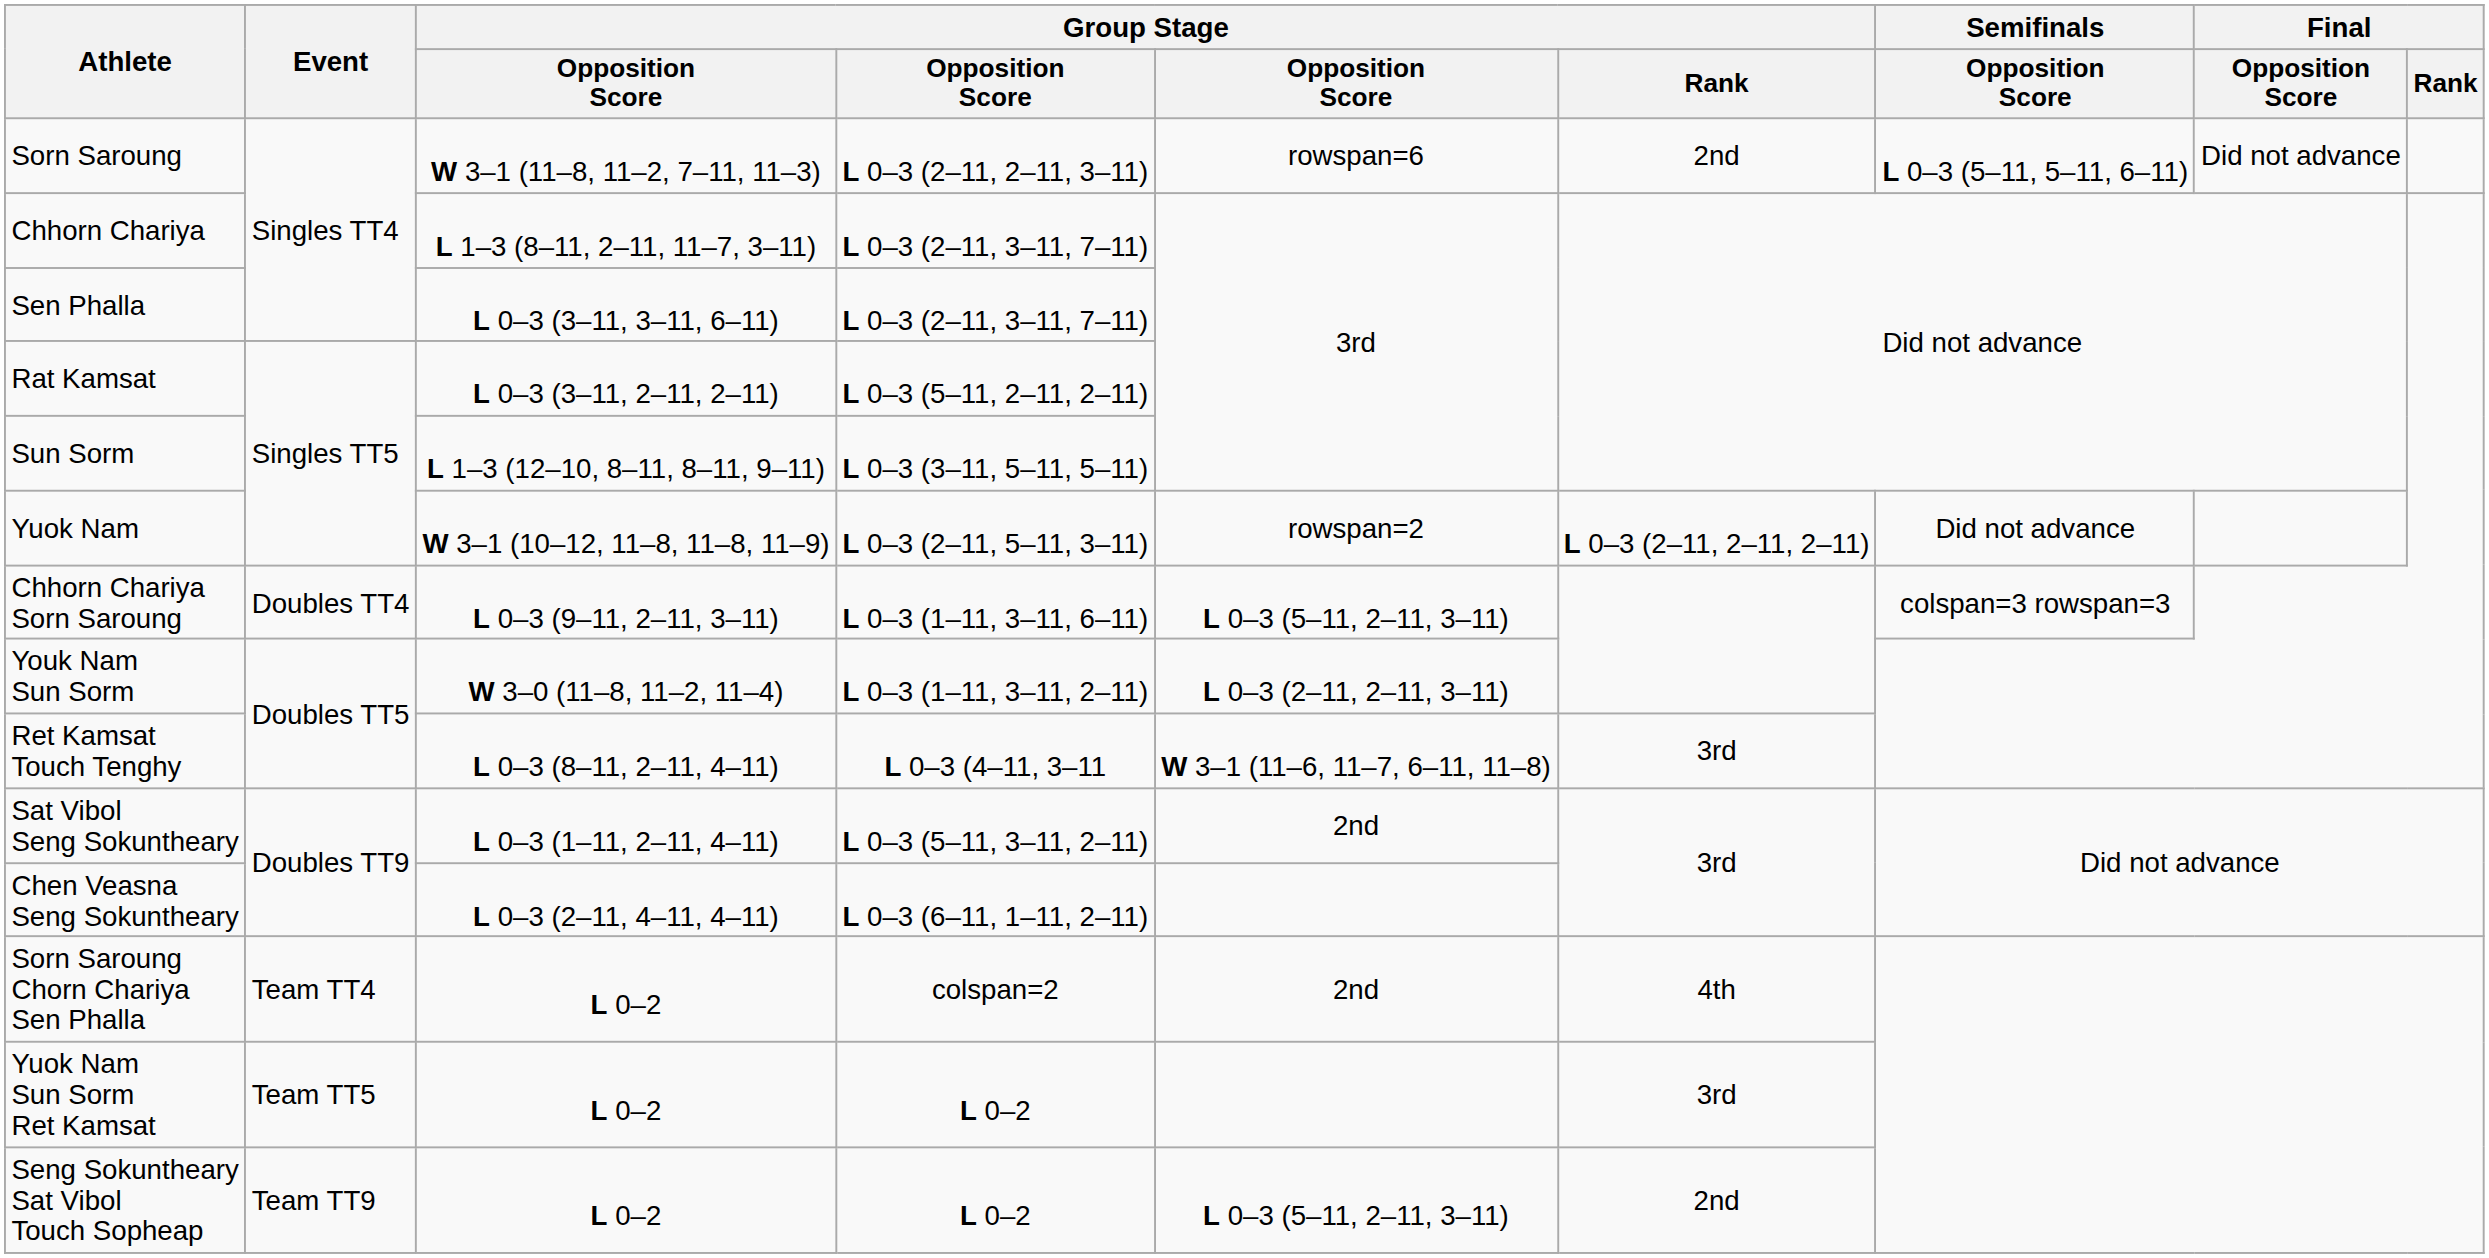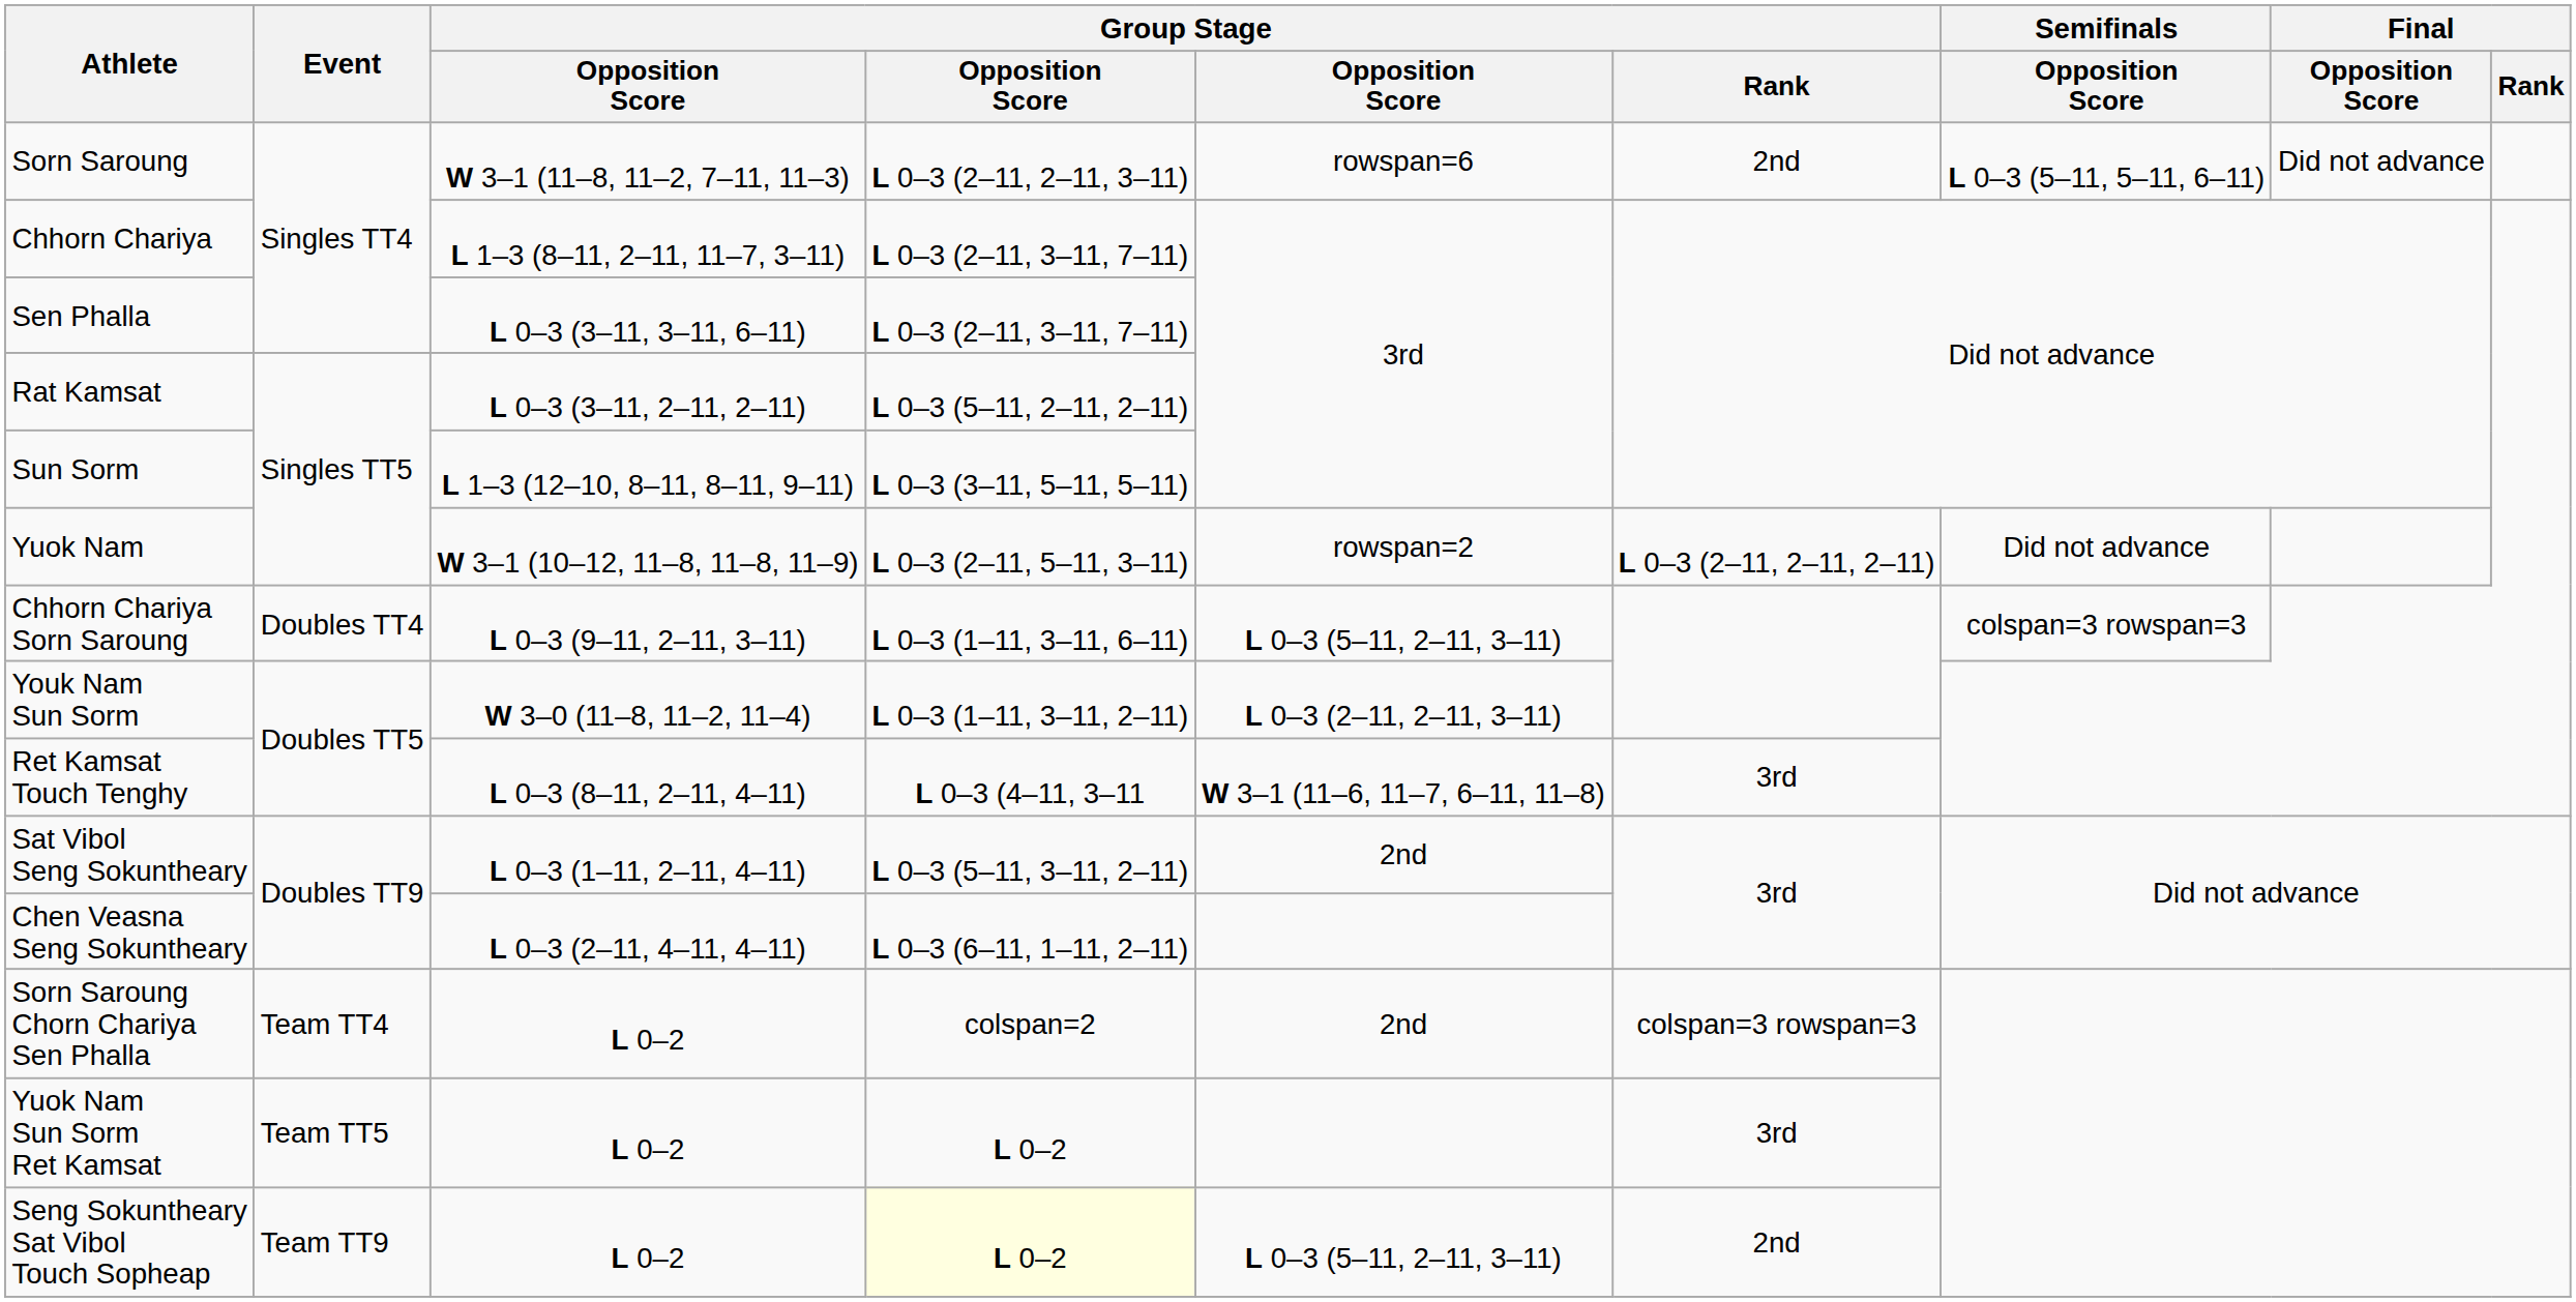 <table class="wikitable" style="font-size:90%">
 <tr>
 <th rowspan=2>Athlete</th>
 <th rowspan=2>Event</th>
 <th colspan=4>Group Stage</th>
 <th>Semifinals</th>
 <th colspan=2>Final</th>
 </tr>
 <tr style="font-size:95%">
 <th>Opposition<br>Score</th>
 <th>Opposition<br>Score</th>
 <th>Opposition<br>Score</th>
 <th>Rank</th>
 <th>Opposition<br>Score</th>
 <th>Opposition<br>Score</th>
 <th>Rank</th>
 </tr>
 <tr style="text-align:center">
 <td style="text-align:left">Sorn Saroung</td>
 <td style="text-align:left" rowspan=3>Singles TT4</td>
 <td><br><strong>W</strong> 3–1 (11–8, 11–2, 7–11, 11–3)</td>
 <td><br><strong>L</strong> 0–3 (2–11, 2–11, 3–11)</td>
 <td>rowspan=6 </td>
 <td>2nd</td>
 <td><br><strong>L</strong> 0–3 (5–11, 5–11, 6–11)</td>
 <td>Did not advance</td>
 <td></td>
 </tr>
 <tr style="text-align:center">
 <td style="text-align:left">Chhorn Chariya</td>
 <td><br><strong>L</strong> 1–3 (8–11, 2–11, 11–7, 3–11)</td>
 <td><br><strong>L</strong> 0–3 (2–11, 3–11, 7–11)</td>
 <td rowspan=4>3rd</td>
 <td colspan=3 rowspan=4>Did not advance</td>
 </tr>
 <tr style="text-align:center">
 <td style="text-align:left">Sen Phalla</td>
 <td><br><strong>L</strong> 0–3 (3–11, 3–11, 6–11)</td>
 <td><br><strong>L</strong> 0–3 (2–11, 3–11, 7–11)</td>
 </tr>
 <tr style="text-align:center">
 <td style="text-align:left">Rat Kamsat</td>
 <td style="text-align:left" rowspan=3>Singles TT5</td>
 <td><br><strong>L</strong> 0–3 (3–11, 2–11, 2–11)</td>
 <td><br><strong>L</strong> 0–3 (5–11, 2–11, 2–11)</td>
 </tr>
 <tr style="text-align:center">
 <td style="text-align:left">Sun Sorm</td>
 <td><br><strong>L</strong> 1–3 (12–10, 8–11, 8–11, 9–11)</td>
 <td><br><strong>L</strong> 0–3 (3–11, 5–11, 5–11)</td>
 </tr>
 <tr style="text-align:center">
 <td style="text-align:left">Yuok Nam</td>
 <td><br><strong>W</strong> 3–1 (10–12, 11–8, 11–8, 11–9)</td>
 <td><br><strong>L</strong> 0–3 (2–11, 5–11, 3–11)</td>
 <td>rowspan=2 </td>
 <td><br><strong>L</strong> 0–3 (2–11, 2–11, 2–11)</td>
 <td>Did not advance</td>
 <td></td>
 </tr>
 <tr style="text-align:center">
 <td style="text-align:left">Chhorn Chariya<br>Sorn Saroung</td>
 <td style="text-align:left">Doubles TT4</td>
 <td><br><strong>L</strong> 0–3 (9–11, 2–11, 3–11)</td>
 <td><br><strong>L</strong> 0–3 (1–11, 3–11, 6–11)</td>
 <td><br><strong>L</strong> 0–3 (5–11, 2–11, 3–11)</td>
 <td rowspan=2></td>
 <td>colspan=3 rowspan=3 </td>
 </tr>
 <tr style="text-align:center">
 <td style="text-align:left">Youk Nam<br>Sun Sorm</td>
 <td style="text-align:left" rowspan=2>Doubles TT5</td>
 <td><br><strong>W</strong> 3–0 (11–8, 11–2, 11–4)</td>
 <td><br><strong>L</strong> 0–3 (1–11, 3–11, 2–11)</td>
 <td><br><strong>L</strong> 0–3 (2–11, 2–11, 3–11)</td>
 </tr>
 <tr style="text-align:center">
 <td style="text-align:left">Ret Kamsat<br>Touch Tenghy</td>
 <td><br><strong>L</strong> 0–3 (8–11, 2–11, 4–11)</td>
 <td><br><strong>L</strong> 0–3 (4–11, 3–11</td>
 <td><br><strong>W</strong> 3–1 (11–6, 11–7, 6–11, 11–8)</td>
 <td>3rd</td>
 </tr>
 <tr style="text-align:center">
 <td style="text-align:left">Sat Vibol<br>Seng Sokuntheary</td>
 <td style="text-align:left" rowspan=2>Doubles TT9</td>
 <td><br><strong>L</strong> 0–3 (1–11, 2–11, 4–11)</td>
 <td><br><strong>L</strong> 0–3 (5–11, 3–11, 2–11)</td>
 <td>2nd</td>
 <td rowspan=2>3rd</td>
 <td colspan=3 rowspan=2>Did not advance</td>
 </tr>
 <tr style="text-align:center">
 <td style="text-align:left">Chen Veasna<br>Seng Sokuntheary</td>
 <td><br><strong>L</strong> 0–3 (2–11, 4–11, 4–11)</td>
 <td><br><strong>L</strong> 0–3 (6–11, 1–11, 2–11)</td>
 </tr>
 <tr style="text-align:center">
 <td style="text-align:left">Sorn Saroung<br>Chorn Chariya<br>Sen Phalla</td>
 <td style="text-align:left">Team TT4</td>
 <td><br><strong>L</strong> 0–2</td>
 <td>colspan=2 </td>
 <td>2nd</td>
-<td>4th</td>
+<td>colspan=3 rowspan=3 </td>
 </tr>
 <tr style="text-align:center">
 <td style="text-align:left">Yuok Nam<br>Sun Sorm<br>Ret Kamsat</td>
 <td style="text-align:left">Team TT5</td>
 <td><br><strong>L</strong> 0–2</td>
 <td><br><strong>L</strong> 0–2</td>
 <td></td>
 <td>3rd</td>
 </tr>
 <tr style="text-align:center">
 <td style="text-align:left">Seng Sokuntheary<br>Sat Vibol<br>Touch Sopheap</td>
 <td style="text-align:left">Team TT9</td>
 <td><br><strong>L</strong> 0–2</td>
-<td><br><strong>L</strong> 0–2</td>
+<td style="background: lightyellow;"><br><strong>L</strong> 0–2</td>
 <td><br><strong>L</strong> 0–3 (5–11, 2–11, 3–11)</td>
 <td>2nd</td>
 </tr>
 </table>
